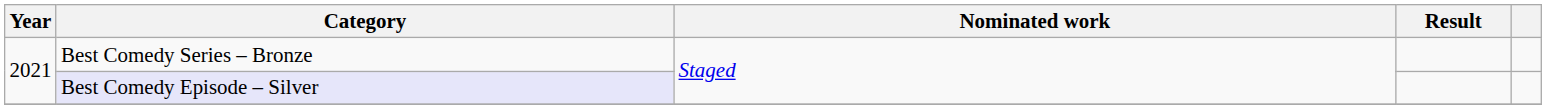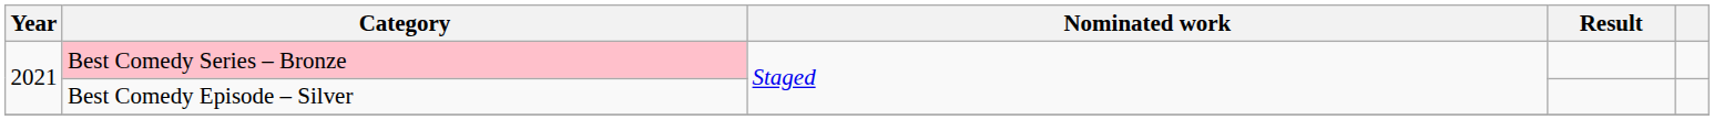 <table class=wikitable>
 <tr>
 <th scope="col" style="width:1em;">Year</th>
 <th scope="col" style="width:29em;">Category</th>
 <th scope="col" style="width:34em;">Nominated work</th>
 <th scope="col" style="width:5em;">Result</th>
 <th scope="col" style="width:1em;"></th>
 </tr>
 <tr>
 <td rowspan="2">2021</td>
-<td>Best Comedy Series – Bronze</td>
+<td style="background: pink;">Best Comedy Series – Bronze</td>
 <td rowspan="2"><em><a href='#'>Staged</a></em></td>
 <td></td>
 <td></td>
 </tr>
 <tr>
-<td style="background: lavender;">Best Comedy Episode – Silver</td>
+<td>Best Comedy Episode – Silver</td>
 <td></td>
 <td></td>
 </tr>
 <tr>
 </tr>
 </table>
